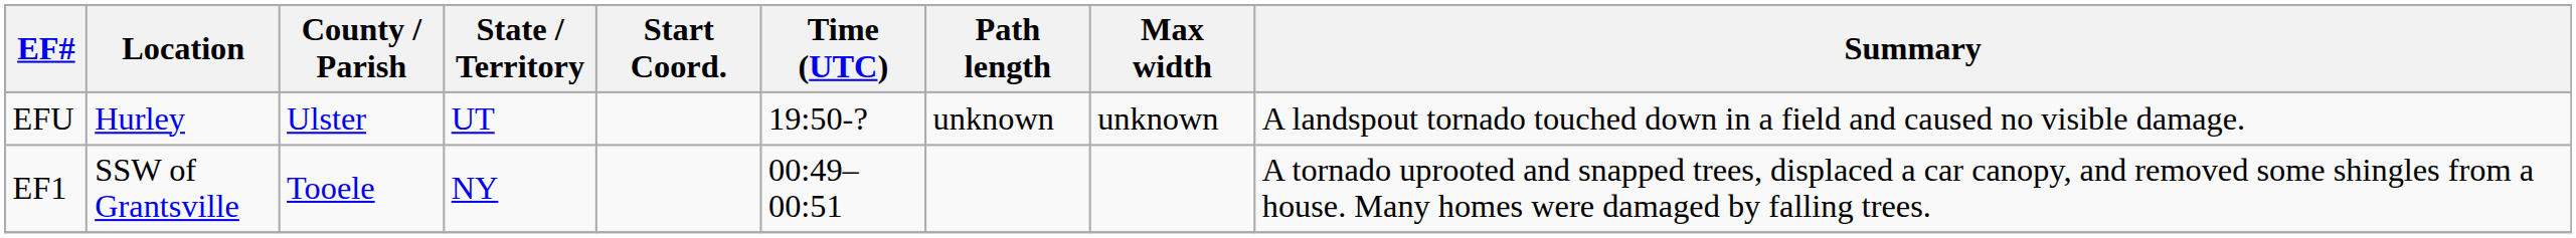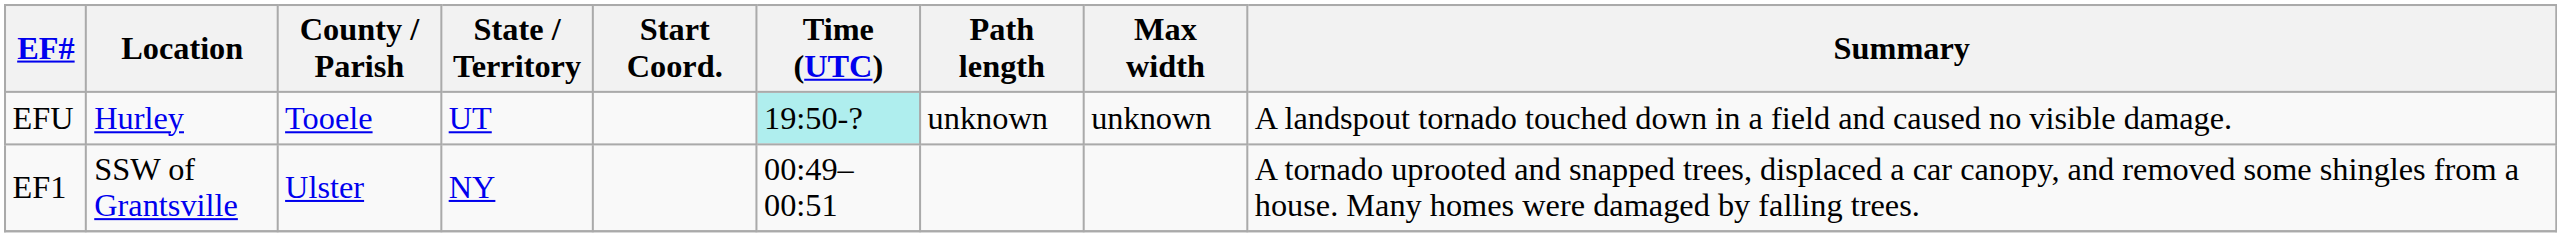 <table class="wikitable sortable" style="width:100%;">
 <tr>
 <th scope="col"  style="width:3%; text-align:center;"><a href='#'>EF#</a></th>
 <th scope="col"  style="width:7%; text-align:center;" class="unsortable">Location</th>
 <th scope="col"  style="width:6%; text-align:center;" class="unsortable">County / Parish</th>
 <th scope="col"  style="width:5%; text-align:center;">State / Territory</th>
 <th scope="col"  style="width:6%; text-align:center;">Start Coord.</th>
 <th scope="col"  style="width:6%; text-align:center;">Time (<a href='#'>UTC</a>)</th>
 <th scope="col"  style="width:6%; text-align:center;">Path length</th>
 <th scope="col"  style="width:6%; text-align:center;">Max width</th>
 <th scope="col" class="unsortable" style="width:48%; text-align:center;">Summary</th>
 </tr>
 <tr>
 <td>EFU</td>
 <td><a href='#'>Hurley</a></td>
-<td><a href='#'>Ulster</a></td>
+<td><a href='#'>Tooele</a></td>
 <td><a href='#'>UT</a></td>
 <td></td>
-<td>19:50-?</td>
+<td style="background: paleturquoise;">19:50-?</td>
 <td>unknown</td>
 <td>unknown</td>
 <td>A landspout tornado touched down in a field and caused no visible damage.</td>
 </tr>
 <tr>
 <td>EF1</td>
 <td>SSW of <a href='#'>Grantsville</a></td>
-<td><a href='#'>Tooele</a></td>
+<td><a href='#'>Ulster</a></td>
 <td><a href='#'>NY</a></td>
 <td></td>
 <td>00:49–00:51</td>
 <td></td>
 <td></td>
 <td>A tornado uprooted and snapped trees, displaced a car canopy, and removed some shingles from a house. Many homes were damaged by falling trees.</td>
 </tr>
 <tr>
 </tr>
 </table>
